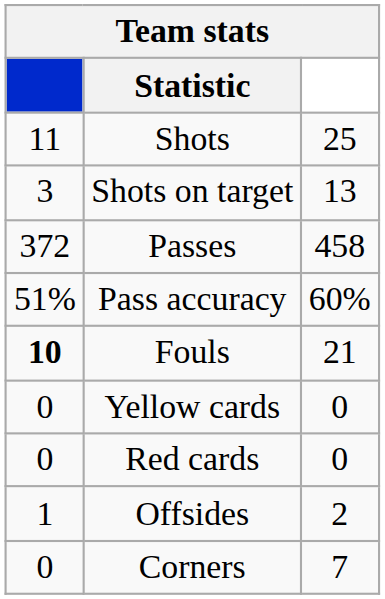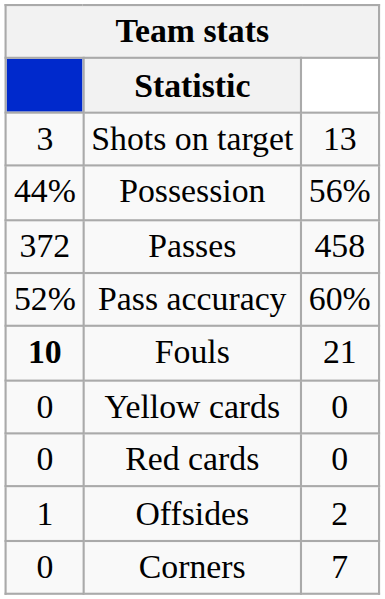 <table class="wikitable" style="margin-left: auto; margin-right: auto; border: none; text-align:center;">
 <tr>
 <th colspan=3>Team stats</th>
 </tr>
 <tr>
 <th style="background: #0029CC; color: #FFFFFF;"> <a href='#'></a></th>
 <th>Statistic</th>
 <th style="background: #FFFFFF; color: #CE1126;"> <a href='#'></a></th>
 </tr>
 <tr>
-<td>11</td>
-<td>Shots</td>
-<td>25</td>
-</tr>
-<tr>
 <td>3</td>
 <td>Shots on target</td>
 <td>13</td>
+</tr>
+<tr>
+<td>44%</td>
+<td>Possession</td>
+<td>56%</td>
 </tr>
 <tr>
 <td>372</td>
 <td>Passes</td>
 <td>458</td>
 </tr>
 <tr>
-<td>51%</td>
+<td>52%</td>
 <td>Pass accuracy</td>
 <td>60%</td>
 </tr>
 <tr>
 <td><strong>10</strong></td>
 <td>Fouls</td>
 <td>21</td>
 </tr>
 <tr>
 <td>0</td>
 <td>Yellow cards</td>
 <td>0</td>
 </tr>
 <tr>
 <td>0</td>
 <td>Red cards</td>
 <td>0</td>
 </tr>
 <tr>
 <td>1</td>
 <td>Offsides</td>
 <td>2</td>
 </tr>
 <tr>
 <td>0</td>
 <td>Corners</td>
 <td>7</td>
 </tr>
 </table>
